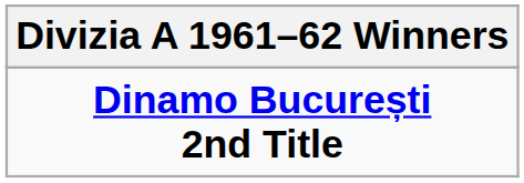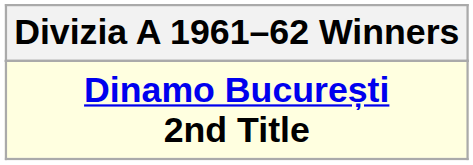 <table class="wikitable" style="text-align: center; margin: 0 auto;">
 <tr>
 <th>Divizia A 1961–62 Winners</th>
 </tr>
 <tr>
 </tr>
 <tr>
-<td><strong><a href='#'>Dinamo București</a></strong><br><strong>2nd Title</strong></td>
+<td style="background: lightyellow;"><strong><a href='#'>Dinamo București</a></strong><br><strong>2nd Title</strong></td>
 </tr>
 </table>
